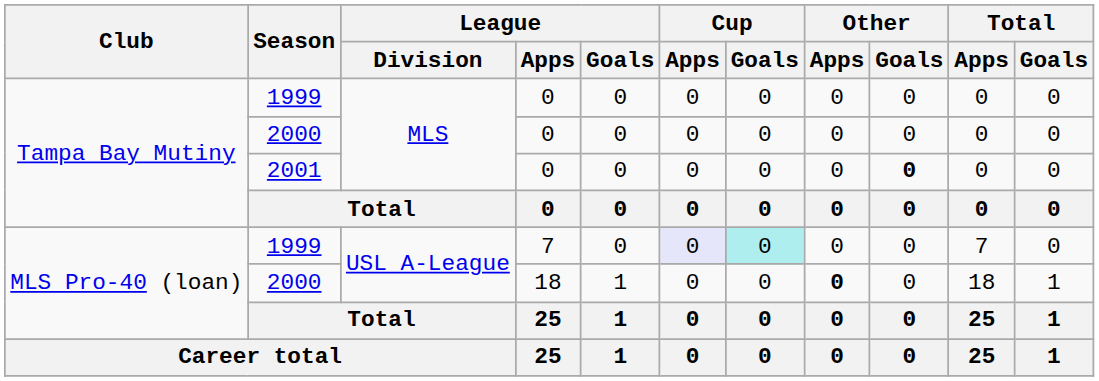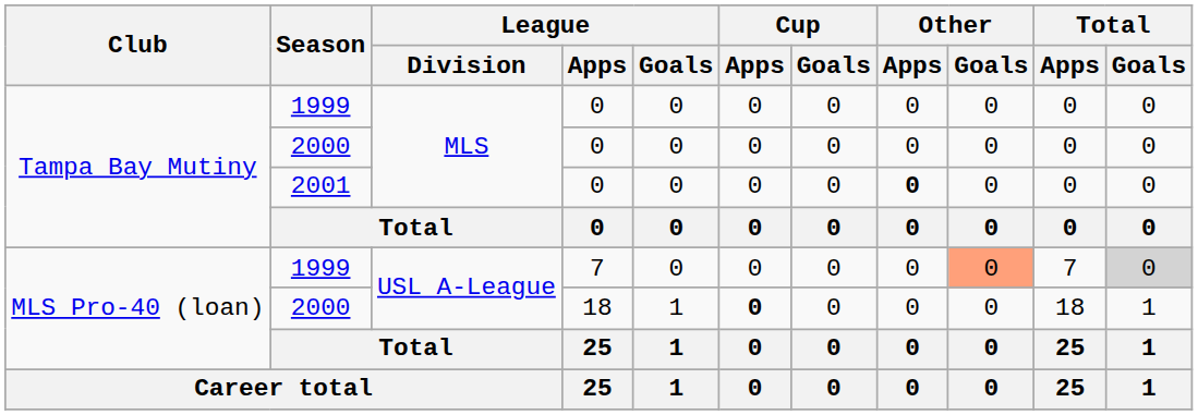 <table class="wikitable" style="text-align: center">
 <tr>
 <th rowspan="2">Club</th>
 <th rowspan="2">Season</th>
 <th colspan="3">League</th>
 <th colspan="2">Cup</th>
 <th colspan="2">Other</th>
 <th colspan="2">Total</th>
 </tr>
 <tr>
 <th>Division</th>
 <th>Apps</th>
 <th>Goals</th>
 <th>Apps</th>
 <th>Goals</th>
 <th>Apps</th>
 <th>Goals</th>
 <th>Apps</th>
 <th>Goals</th>
 </tr>
 <tr>
 <td rowspan="4"><a href='#'>Tampa Bay Mutiny</a></td>
 <td><a href='#'>1999</a></td>
 <td rowspan="3"><a href='#'>MLS</a></td>
 <td>0</td>
 <td>0</td>
 <td>0</td>
 <td>0</td>
 <td>0</td>
 <td>0</td>
 <td>0</td>
 <td>0</td>
 </tr>
 <tr>
 <td><a href='#'>2000</a></td>
 <td>0</td>
 <td>0</td>
 <td>0</td>
 <td>0</td>
 <td>0</td>
 <td>0</td>
 <td>0</td>
 <td>0</td>
 </tr>
 <tr>
 <td><a href='#'>2001</a></td>
 <td>0</td>
 <td>0</td>
 <td>0</td>
 <td>0</td>
+<td><strong>0</strong></td>
 <td>0</td>
-<td><strong>0</strong></td>
 <td>0</td>
 <td>0</td>
 </tr>
 <tr>
 <th colspan="2"><strong>Total</strong></th>
 <th>0</th>
 <th>0</th>
 <th>0</th>
 <th>0</th>
 <th>0</th>
 <th>0</th>
 <th>0</th>
 <th>0</th>
 </tr>
 <tr>
 <td rowspan="3"><a href='#'>MLS Pro-40</a> (loan)</td>
 <td><a href='#'>1999</a></td>
 <td rowspan="2"><a href='#'>USL A-League</a></td>
 <td>7</td>
 <td>0</td>
-<td style="background: lavender;">0</td>
-<td style="background: paleturquoise;">0</td>
 <td>0</td>
 <td>0</td>
+<td>0</td>
+<td style="background: lightsalmon;">0</td>
 <td>7</td>
-<td>0</td>
+<td style="background: lightgrey;">0</td>
 </tr>
 <tr>
 <td><a href='#'>2000</a></td>
 <td>18</td>
 <td>1</td>
+<td><strong>0</strong></td>
 <td>0</td>
 <td>0</td>
-<td><strong>0</strong></td>
 <td>0</td>
 <td>18</td>
 <td>1</td>
 </tr>
 <tr>
 <th colspan="2"><strong>Total</strong></th>
 <th>25</th>
 <th>1</th>
 <th>0</th>
 <th>0</th>
 <th>0</th>
 <th>0</th>
 <th>25</th>
 <th>1</th>
 </tr>
 <tr>
 <th colspan="3"><strong>Career total</strong></th>
 <th>25</th>
 <th>1</th>
 <th>0</th>
 <th>0</th>
 <th>0</th>
 <th>0</th>
 <th>25</th>
 <th>1</th>
 </tr>
 </table>
